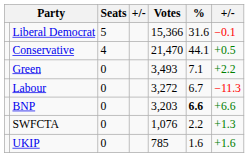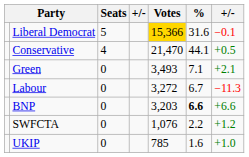 <table class="wikitable">
 <tr>
 <th colspan="2">Party</th>
 <th>Seats</th>
 <th>+/-</th>
 <th>Votes</th>
 <th>%</th>
 <th>+/-</th>
 </tr>
 <tr>
 <td style="background-color: "></td>
 <td><a href='#'>Liberal Democrat</a></td>
 <td>5</td>
 <td></td>
-<td>15,366</td>
+<td style="background: gold;">15,366</td>
 <td>31.6</td>
 <td style="color:red">−0.1</td>
 </tr>
 <tr>
 <td style="background-color: "></td>
 <td><a href='#'>Conservative</a></td>
 <td>4</td>
 <td></td>
 <td>21,470</td>
 <td>44.1</td>
 <td style="color:green">+0.5</td>
 </tr>
 <tr>
 <td style="background-color: "></td>
 <td><a href='#'>Green</a></td>
 <td>0</td>
 <td></td>
 <td>3,493</td>
 <td>7.1</td>
-<td style="color:green">+2.2</td>
+<td style="color:green">+2.1</td>
 </tr>
 <tr>
 <td style="background-color: "></td>
 <td><a href='#'>Labour</a></td>
 <td>0</td>
 <td></td>
 <td>3,272</td>
 <td>6.7</td>
 <td style="color:red">−11.3</td>
 </tr>
 <tr>
 <td style="background-color: "></td>
 <td><a href='#'>BNP</a></td>
 <td>0</td>
 <td></td>
 <td>3,203</td>
 <td><strong>6.6</strong></td>
 <td style="color:green">+6.6</td>
 </tr>
 <tr>
 <td style="background-color: "></td>
 <td>SWFCTA</td>
 <td>0</td>
 <td></td>
 <td>1,076</td>
 <td>2.2</td>
-<td style="color:green">+1.3</td>
+<td style="color:green">+1.2</td>
 </tr>
 <tr>
 <td style="background-color: "></td>
 <td><a href='#'>UKIP</a></td>
 <td>0</td>
 <td></td>
 <td>785</td>
 <td>1.6</td>
-<td style="color:green">+1.6</td>
+<td style="color:green">+1.0</td>
 </tr>
 </table>
